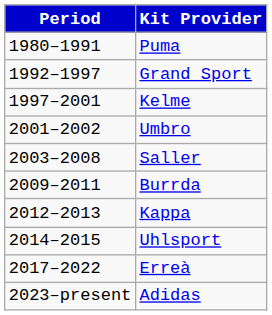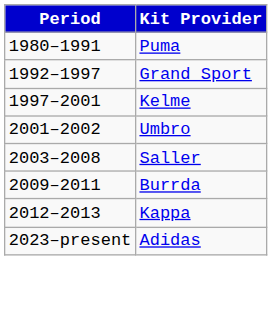 <table class="wikitable" style="text-align: left">
 <tr>
 <th style="width=30; background:#0000CD; color: #FFFFFF;">Period</th>
 <th style="width=30; background:#0000CD; color: #FFFFFF;">Kit Provider</th>
 </tr>
 <tr>
 <td>1980–1991</td>
 <td> <a href='#'>Puma</a></td>
 </tr>
 <tr>
 <td>1992–1997</td>
 <td> <a href='#'>Grand Sport</a></td>
 </tr>
 <tr>
 <td>1997–2001</td>
 <td> <a href='#'>Kelme</a></td>
 </tr>
 <tr>
 <td>2001–2002</td>
 <td> <a href='#'>Umbro</a></td>
 </tr>
 <tr>
 <td>2003–2008</td>
 <td> <a href='#'>Saller</a></td>
 </tr>
 <tr>
 <td>2009–2011</td>
 <td> <a href='#'>Burrda</a></td>
 </tr>
 <tr>
 <td>2012–2013</td>
 <td> <a href='#'>Kappa</a></td>
 </tr>
 <tr>
-<td>2014–2015</td>
-<td> <a href='#'>Uhlsport</a></td>
-</tr>
-<tr>
-<td>2017–2022</td>
-<td> <a href='#'>Erreà</a></td>
-</tr>
-<tr>
 <td>2023–present</td>
 <td> <a href='#'>Adidas</a></td>
 </tr>
 </table>
